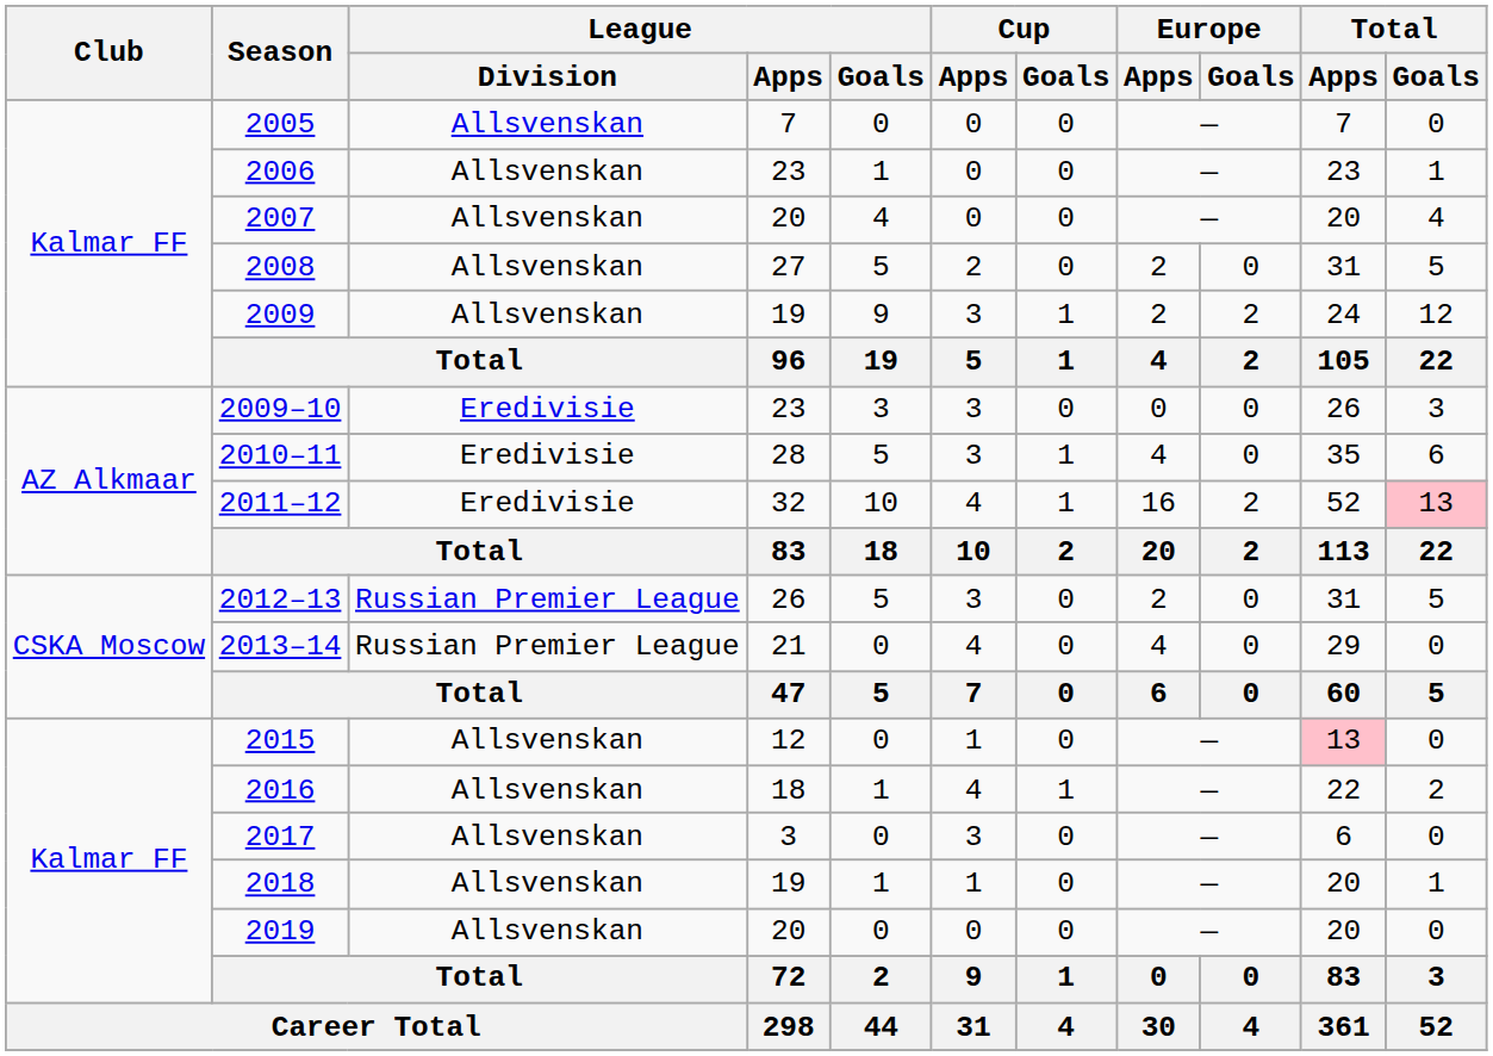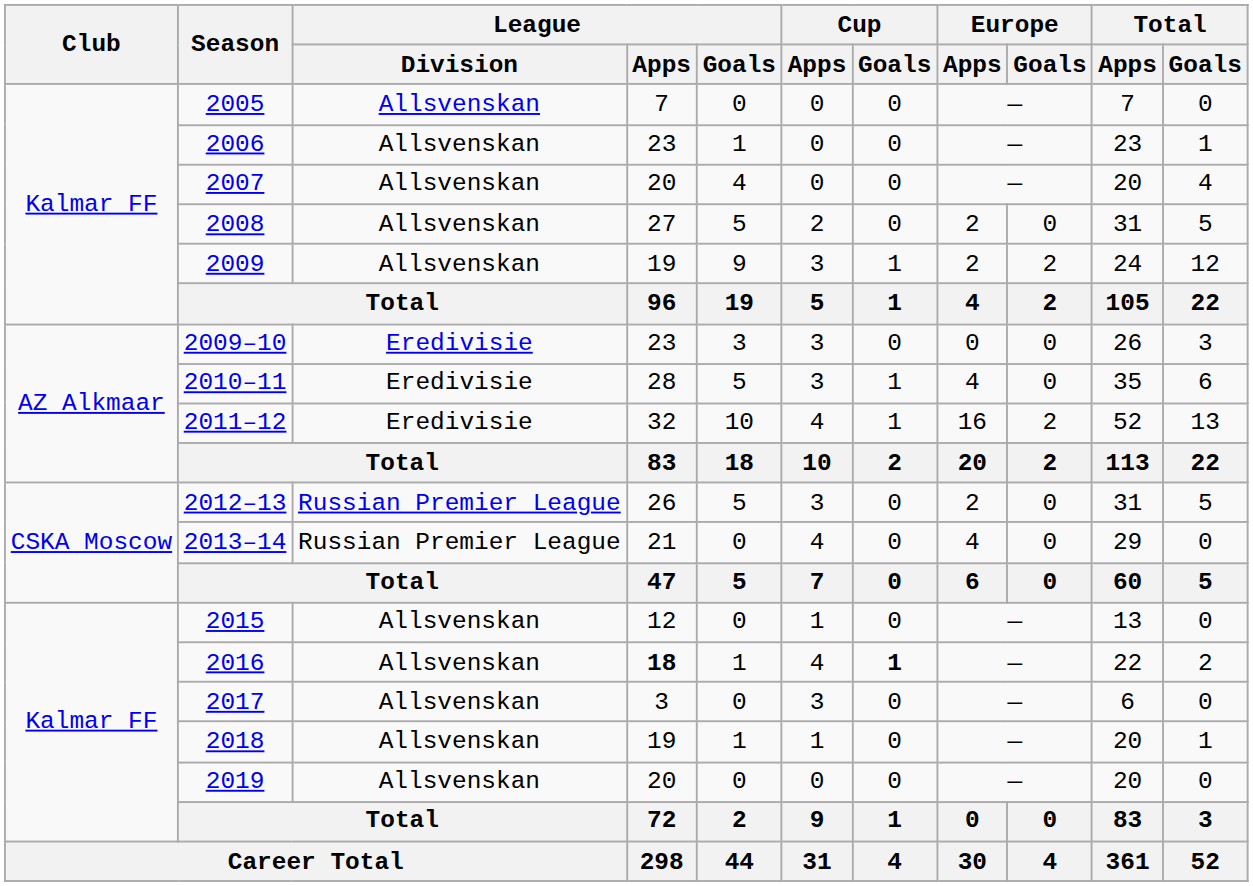 <table class="wikitable" style="text-align: center;">
 <tr>
 <th rowspan="2">Club</th>
 <th rowspan="2">Season</th>
 <th colspan="3">League</th>
 <th colspan="2">Cup</th>
 <th colspan="2">Europe</th>
 <th colspan="2">Total</th>
 </tr>
 <tr>
 <th>Division</th>
 <th>Apps</th>
 <th>Goals</th>
 <th>Apps</th>
 <th>Goals</th>
 <th>Apps</th>
 <th>Goals</th>
 <th>Apps</th>
 <th>Goals</th>
 </tr>
 <tr>
 <td rowspan="6" valign="center"><a href='#'>Kalmar FF</a></td>
 <td><a href='#'>2005</a></td>
 <td><a href='#'>Allsvenskan</a></td>
 <td>7</td>
 <td>0</td>
 <td>0</td>
 <td>0</td>
 <td colspan="2">—</td>
 <td>7</td>
 <td>0</td>
 </tr>
 <tr>
 <td><a href='#'>2006</a></td>
 <td>Allsvenskan</td>
 <td>23</td>
 <td>1</td>
 <td>0</td>
 <td>0</td>
 <td colspan="2">—</td>
 <td>23</td>
 <td>1</td>
 </tr>
 <tr>
 <td><a href='#'>2007</a></td>
 <td>Allsvenskan</td>
 <td>20</td>
 <td>4</td>
 <td>0</td>
 <td>0</td>
 <td colspan="2">—</td>
 <td>20</td>
 <td>4</td>
 </tr>
 <tr>
 <td><a href='#'>2008</a></td>
 <td>Allsvenskan</td>
 <td>27</td>
 <td>5</td>
 <td>2</td>
 <td>0</td>
 <td>2</td>
 <td>0</td>
 <td>31</td>
 <td>5</td>
 </tr>
 <tr>
 <td><a href='#'>2009</a></td>
 <td>Allsvenskan</td>
 <td>19</td>
 <td>9</td>
 <td>3</td>
 <td>1</td>
 <td>2</td>
 <td>2</td>
 <td>24</td>
 <td>12</td>
 </tr>
 <tr>
 <th colspan="2">Total</th>
 <th>96</th>
 <th>19</th>
 <th>5</th>
 <th>1</th>
 <th>4</th>
 <th>2</th>
 <th>105</th>
 <th>22</th>
 </tr>
 <tr>
 <td rowspan="4" valign="center"><a href='#'>AZ Alkmaar</a></td>
 <td><a href='#'>2009–10</a></td>
 <td><a href='#'>Eredivisie</a></td>
 <td>23</td>
 <td>3</td>
 <td>3</td>
 <td>0</td>
 <td>0</td>
 <td>0</td>
 <td>26</td>
 <td>3</td>
 </tr>
 <tr>
 <td><a href='#'>2010–11</a></td>
 <td>Eredivisie</td>
 <td>28</td>
 <td>5</td>
 <td>3</td>
 <td>1</td>
 <td>4</td>
 <td>0</td>
 <td>35</td>
 <td>6</td>
 </tr>
 <tr>
 <td><a href='#'>2011–12</a></td>
 <td>Eredivisie</td>
 <td>32</td>
 <td>10</td>
 <td>4</td>
 <td>1</td>
 <td>16</td>
 <td>2</td>
 <td>52</td>
-<td style="background: pink;">13</td>
+<td>13</td>
 </tr>
 <tr>
 <th colspan="2">Total</th>
 <th>83</th>
 <th>18</th>
 <th>10</th>
 <th>2</th>
 <th>20</th>
 <th>2</th>
 <th>113</th>
 <th>22</th>
 </tr>
 <tr>
 <td rowspan="3" valign="center"><a href='#'>CSKA Moscow</a></td>
 <td><a href='#'>2012–13</a></td>
 <td><a href='#'>Russian Premier League</a></td>
 <td>26</td>
 <td>5</td>
 <td>3</td>
 <td>0</td>
 <td>2</td>
 <td>0</td>
 <td>31</td>
 <td>5</td>
 </tr>
 <tr>
 <td><a href='#'>2013–14</a></td>
 <td>Russian Premier League</td>
 <td>21</td>
 <td>0</td>
 <td>4</td>
 <td>0</td>
 <td>4</td>
 <td>0</td>
 <td>29</td>
 <td>0</td>
 </tr>
 <tr>
 <th colspan="2">Total</th>
 <th>47</th>
 <th>5</th>
 <th>7</th>
 <th>0</th>
 <th>6</th>
 <th>0</th>
 <th>60</th>
 <th>5</th>
 </tr>
 <tr>
 <td rowspan="6" valign="center"><a href='#'>Kalmar FF</a></td>
 <td><a href='#'>2015</a></td>
 <td>Allsvenskan</td>
 <td>12</td>
 <td>0</td>
 <td>1</td>
 <td>0</td>
 <td colspan="2">—</td>
-<td style="background: pink;">13</td>
+<td>13</td>
 <td>0</td>
 </tr>
 <tr>
 <td><a href='#'>2016</a></td>
 <td>Allsvenskan</td>
-<td>18</td>
+<td><strong>18</strong></td>
 <td>1</td>
 <td>4</td>
-<td>1</td>
+<td><strong>1</strong></td>
 <td colspan="2">—</td>
 <td>22</td>
 <td>2</td>
 </tr>
 <tr>
 <td><a href='#'>2017</a></td>
 <td>Allsvenskan</td>
 <td>3</td>
 <td>0</td>
 <td>3</td>
 <td>0</td>
 <td colspan="2">—</td>
 <td>6</td>
 <td>0</td>
 </tr>
 <tr>
 <td><a href='#'>2018</a></td>
 <td>Allsvenskan</td>
 <td>19</td>
 <td>1</td>
 <td>1</td>
 <td>0</td>
 <td colspan="2">—</td>
 <td>20</td>
 <td>1</td>
 </tr>
 <tr>
 <td><a href='#'>2019</a></td>
 <td>Allsvenskan</td>
 <td>20</td>
 <td>0</td>
 <td>0</td>
 <td>0</td>
 <td colspan="2">—</td>
 <td>20</td>
 <td>0</td>
 </tr>
 <tr>
 <th colspan="2">Total</th>
 <th>72</th>
 <th>2</th>
 <th>9</th>
 <th>1</th>
 <th>0</th>
 <th>0</th>
 <th>83</th>
 <th>3</th>
 </tr>
 <tr>
 <th colspan="3">Career Total</th>
 <th>298</th>
 <th>44</th>
 <th>31</th>
 <th>4</th>
 <th>30</th>
 <th>4</th>
 <th>361</th>
 <th>52</th>
 </tr>
 </table>
